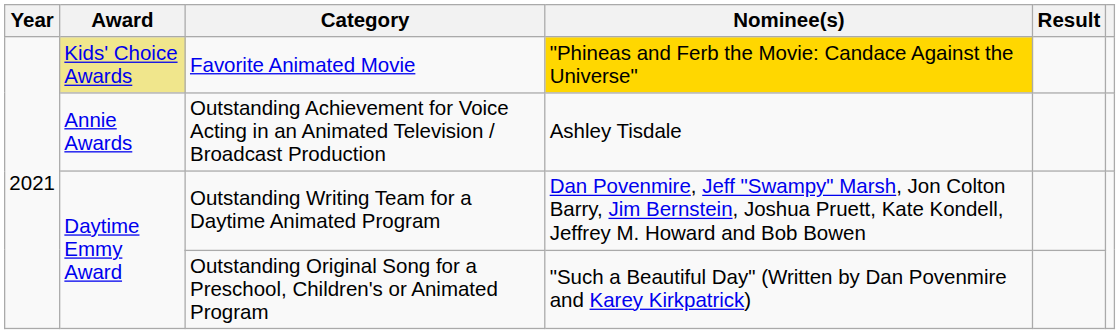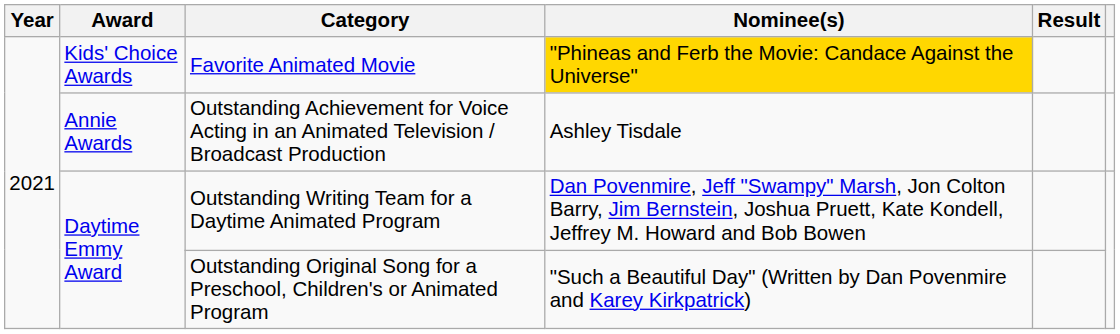 <table class="wikitable sortable">
 <tr>
 <th>Year</th>
 <th>Award</th>
 <th>Category</th>
 <th>Nominee(s)</th>
 <th>Result</th>
 <th></th>
 </tr>
 <tr>
 <td rowspan="4">2021</td>
-<td style="background: khaki;"><a href='#'>Kids' Choice Awards</a></td>
+<td><a href='#'>Kids' Choice Awards</a></td>
 <td><a href='#'>Favorite Animated Movie</a></td>
 <td style="background: gold;">"Phineas and Ferb the Movie: Candace Against the Universe"</td>
 <td></td>
 <td style="text-align:center;"></td>
 </tr>
 <tr>
 <td><a href='#'>Annie Awards</a></td>
 <td>Outstanding Achievement for Voice Acting in an Animated Television / Broadcast Production</td>
 <td>Ashley Tisdale</td>
 <td></td>
 <td style="text-align:center;"></td>
 </tr>
 <tr>
 <td rowspan="2"><a href='#'>Daytime Emmy Award</a></td>
 <td>Outstanding Writing Team for a Daytime Animated Program</td>
 <td><a href='#'>Dan Povenmire</a>, <a href='#'>Jeff "Swampy" Marsh</a>, Jon Colton Barry, <a href='#'>Jim Bernstein</a>, Joshua Pruett, Kate Kondell, Jeffrey M. Howard and Bob Bowen</td>
 <td></td>
 <td rowspan="2" style="text-align:center;"></td>
 </tr>
 <tr>
 <td>Outstanding Original Song for a Preschool, Children's or Animated Program</td>
 <td>"Such a Beautiful Day" (Written by Dan Povenmire and <a href='#'>Karey Kirkpatrick</a>)</td>
 <td></td>
 </tr>
 </table>
